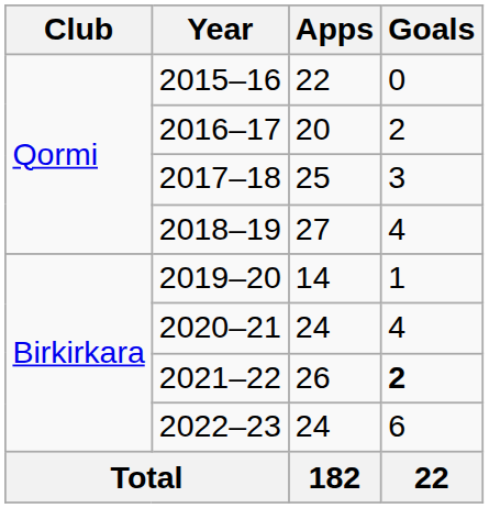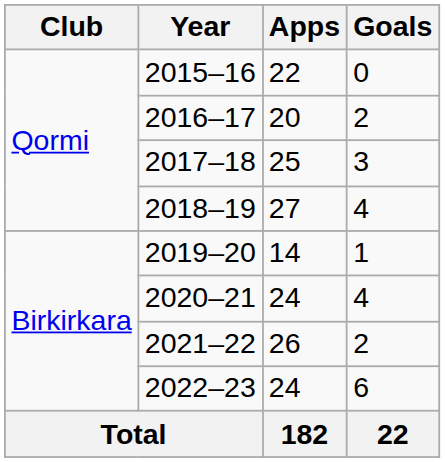 <table class="wikitable" style="test-align:center">
 <tr>
 <th>Club</th>
 <th>Year</th>
 <th>Apps</th>
 <th>Goals</th>
 </tr>
 <tr>
 <td rowspan="4"><a href='#'>Qormi</a></td>
 <td>2015–16</td>
 <td>22</td>
 <td>0</td>
 </tr>
 <tr>
 <td>2016–17</td>
 <td>20</td>
 <td>2</td>
 </tr>
 <tr>
 <td>2017–18</td>
 <td>25</td>
 <td>3</td>
 </tr>
 <tr>
 <td>2018–19</td>
 <td>27</td>
 <td>4</td>
 </tr>
 <tr>
 <td rowspan="4"><a href='#'>Birkirkara</a></td>
 <td>2019–20</td>
 <td>14</td>
 <td>1</td>
 </tr>
 <tr>
 <td>2020–21</td>
 <td>24</td>
 <td>4</td>
 </tr>
 <tr>
 <td>2021–22</td>
 <td>26</td>
-<td><strong>2</strong></td>
+<td>2</td>
 </tr>
 <tr>
 <td>2022–23</td>
 <td>24</td>
 <td>6</td>
 </tr>
 <tr>
 <th colspan="2">Total</th>
 <th>182</th>
 <th>22</th>
 </tr>
 </table>
